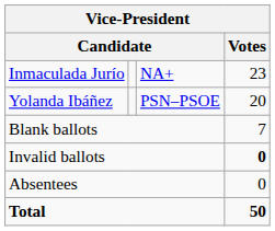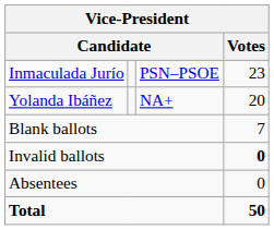 <table class="wikitable" style="font-size:90%; text-align:right;">
 <tr>
 <th colspan="4">Vice-President</th>
 </tr>
 <tr>
 <th colspan="3">Candidate</th>
 <th>Votes</th>
 </tr>
 <tr>
 <td align="left"> <a href='#'>Inmaculada Jurío</a></td>
 <td style="background:"></td>
-<td align="left"><a href='#'>NA+</a></td>
+<td align="left"><a href='#'>PSN–PSOE</a></td>
 <td>23</td>
 </tr>
 <tr>
 <td align="left"> <a href='#'>Yolanda Ibáñez</a></td>
 <td style="background:"></td>
-<td align="left"><a href='#'>PSN–PSOE</a></td>
+<td align="left"><a href='#'>NA+</a></td>
 <td>20</td>
 </tr>
 <tr>
 <td align=left colspan="3">Blank ballots</td>
 <td>7</td>
 </tr>
 <tr>
 <td align=left colspan="3">Invalid ballots</td>
 <td><strong>0</strong></td>
 </tr>
 <tr>
 <td align=left colspan="3">Absentees</td>
 <td>0</td>
 </tr>
 <tr style="font-weight:bold">
 <td align=left colspan="3">Total</td>
 <td>50</td>
 </tr>
 </table>
